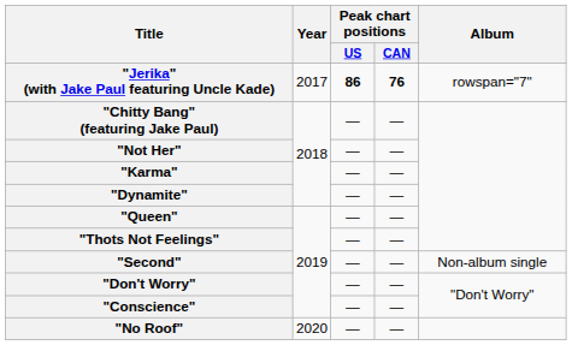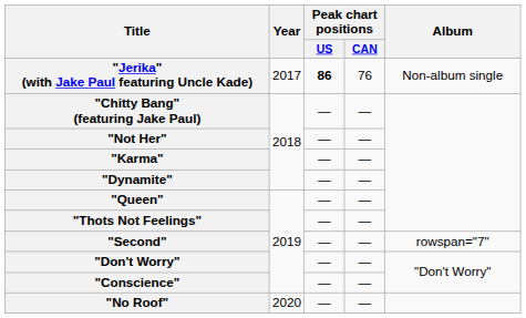 <table class="wikitable plainrowheaders" style="text-align:center;">
 <tr>
 <th scope="col" rowspan="2" style="width:20em;">Title</th>
 <th scope="col" rowspan="2" style="width:1em;">Year</th>
 <th scope="col" colspan="2" style="width:1em;">Peak chart positions</th>
 <th scope="col" rowspan="2" style="width:10em;">Album</th>
 </tr>
 <tr>
 <th scope="col" style="width:3em;font-size:90%;"><a href='#'>US</a><br></th>
 <th scope="col" style="width:3em;font-size:90%;"><a href='#'>CAN</a><br></th>
 </tr>
 <tr>
 <th scope="row">"<a href='#'>Jerika</a>"<br><span>(with <a href='#'>Jake Paul</a> featuring Uncle Kade)</span></th>
 <td>2017</td>
 <td><strong>86</strong></td>
-<td><strong>76</strong></td>
-<td>rowspan="7" </td>
+<td>76</td>
+<td>Non-album single</td>
 </tr>
 <tr>
 <th scope="row">"Chitty Bang"<br>(<span>featuring Jake Paul)</span></th>
 <td rowspan="4">2018</td>
 <td>—</td>
 <td>—</td>
 </tr>
 <tr>
 <th scope="row">"Not Her"</th>
 <td>—</td>
 <td>—</td>
 </tr>
 <tr>
 <th scope="row">"Karma"</th>
 <td>—</td>
 <td>—</td>
 </tr>
 <tr>
 <th scope="row">"Dynamite"</th>
 <td>—</td>
 <td>—</td>
 </tr>
 <tr>
 <th scope="row">"Queen"</th>
 <td rowspan="5">2019</td>
 <td>—</td>
 <td>—</td>
 </tr>
 <tr>
 <th scope="row">"Thots Not Feelings"</th>
 <td>—</td>
 <td>—</td>
 </tr>
 <tr>
 <th scope="row">"Second"</th>
 <td>—</td>
 <td>—</td>
-<td>Non-album single</td>
+<td>rowspan="7" </td>
 </tr>
 <tr>
 <th scope="row">"Don't Worry"</th>
 <td>—</td>
 <td>—</td>
 <td rowspan="2">"Don't Worry"</td>
 </tr>
 <tr>
 <th scope="row">"Conscience"</th>
 <td>—</td>
 <td>—</td>
 </tr>
 <tr>
 <th scope="row">"No Roof"</th>
 <td>2020</td>
 <td>—</td>
 <td>—</td>
 <td></td>
 </tr>
 </table>
